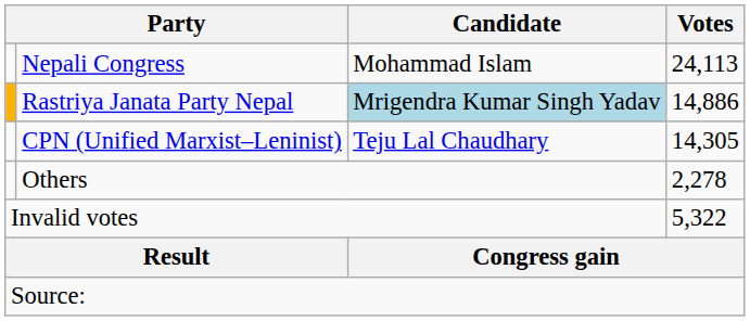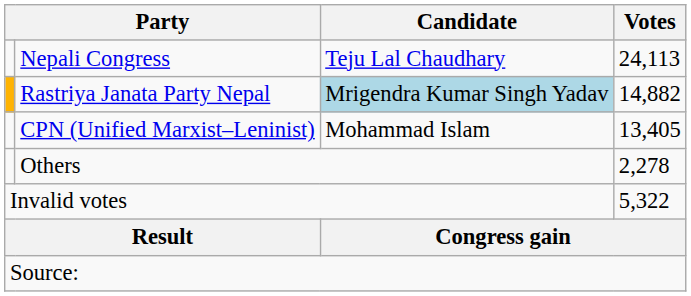 <table class="wikitable">
 <tr>
 <th colspan="2">Party</th>
 <th>Candidate</th>
 <th>Votes</th>
 </tr>
 <tr>
 <td style="background-color:"></td>
 <td><a href='#'>Nepali Congress</a></td>
-<td>Mohammad Islam</td>
+<td><a href='#'>Teju Lal Chaudhary</a></td>
 <td>24,113</td>
 </tr>
 <tr>
 <td style="background-color:#ffb300"></td>
 <td><a href='#'>Rastriya Janata Party Nepal</a></td>
 <td style="background: lightblue;">Mrigendra Kumar Singh Yadav</td>
-<td>14,886</td>
+<td>14,882</td>
 </tr>
 <tr>
 <td style="background-color:"></td>
 <td><a href='#'>CPN (Unified Marxist–Leninist)</a></td>
-<td><a href='#'>Teju Lal Chaudhary</a></td>
-<td>14,305</td>
+<td>Mohammad Islam</td>
+<td>13,405</td>
 </tr>
 <tr>
 <td></td>
 <td colspan="2">Others</td>
 <td>2,278</td>
 </tr>
 <tr>
 <td colspan="3">Invalid votes</td>
 <td>5,322</td>
 </tr>
 <tr>
 <th colspan="2">Result</th>
 <th colspan="2">Congress gain</th>
 </tr>
 <tr>
 <td colspan="4">Source: </td>
 </tr>
 </table>
